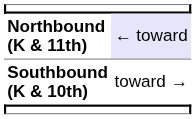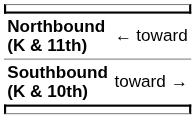 <table border="0" cellspacing="0" cellpadding="3">
 <tr>
 <td colspan="2" style="border-top:solid 1px gray;border-right:solid 2px black;border-left:solid 2px black;border-bottom:solid 2px black;text-align:center"></td>
 </tr>
 <tr>
 <td><strong>Northbound<br>(K & 11th)</strong></td>
-<td style="background: lavender;">←  toward  </td>
+<td>←  toward  </td>
 </tr>
 <tr>
 <td style="border-top:solid 1px gray"><strong>Southbound<br>(K & 10th)</strong></td>
 <td style="border-top:solid 1px gray">  toward   →</td>
 </tr>
 <tr>
 <td colspan="2" style="border-top:solid 2px black;border-right:solid 2px black;border-left:solid 2px black;border-bottom:solid 1px gray;text-align:center"></td>
 </tr>
 </table>
